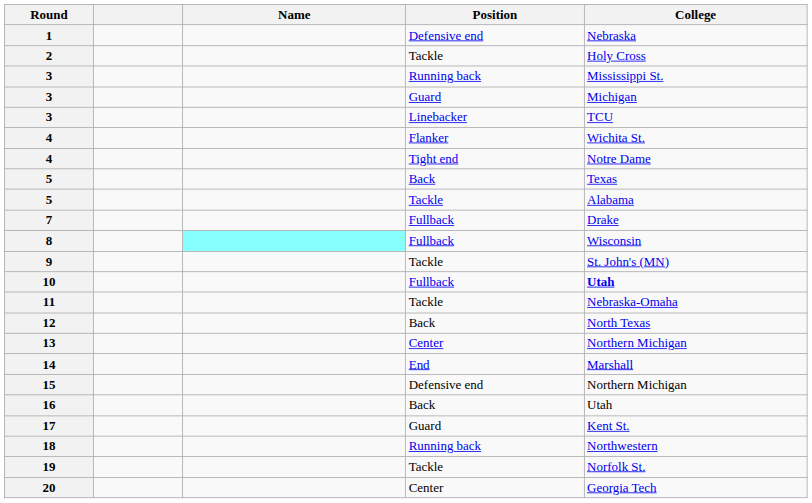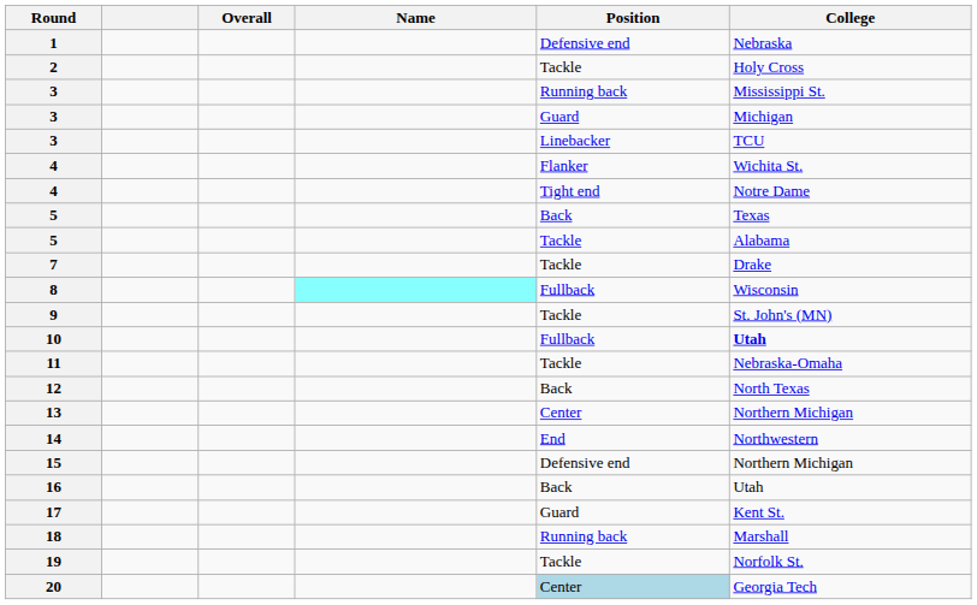 <table class="wikitable sortable" style="width: 50%;">
 <tr>
 <th scope="col" style="width: 10%;">Round</th>
 <th scope="col" style="width: 10%;"></th>
+<th scope="col" style="width: 10%;">Overall</th>
 <th scope="col" style="width: 25%;">Name</th>
 <th scope="col" style="width: 20%;">Position</th>
 <th scope="col" style="width: 25%;">College</th>
 </tr>
 <tr>
 <th scope="row">1</th>
+<td></td>
 <td></td>
 <td></td>
 <td><a href='#'>Defensive end</a></td>
 <td><a href='#'>Nebraska</a></td>
 </tr>
 <tr>
 <th scope="row">2</th>
 <td></td>
 <td></td>
+<td></td>
 <td>Tackle</td>
 <td><a href='#'>Holy Cross</a></td>
 </tr>
 <tr>
 <th scope="row">3</th>
+<td></td>
 <td></td>
 <td></td>
 <td><a href='#'>Running back</a></td>
 <td><a href='#'>Mississippi St.</a></td>
 </tr>
 <tr>
 <th scope="row">3</th>
 <td></td>
 <td></td>
+<td></td>
 <td><a href='#'>Guard</a></td>
 <td><a href='#'>Michigan</a></td>
 </tr>
 <tr>
 <th scope="row">3</th>
+<td></td>
 <td></td>
 <td></td>
 <td><a href='#'>Linebacker</a></td>
 <td><a href='#'>TCU</a></td>
 </tr>
 <tr>
 <th scope="row">4</th>
 <td></td>
 <td></td>
+<td></td>
 <td><a href='#'>Flanker</a></td>
 <td><a href='#'>Wichita St.</a></td>
 </tr>
 <tr>
 <th scope="row">4</th>
+<td></td>
 <td></td>
 <td></td>
 <td><a href='#'>Tight end</a></td>
 <td><a href='#'>Notre Dame</a></td>
 </tr>
 <tr>
 <th scope="row">5</th>
 <td></td>
 <td></td>
+<td></td>
 <td><a href='#'>Back</a></td>
 <td><a href='#'>Texas</a></td>
 </tr>
 <tr>
 <th scope="row">5</th>
+<td></td>
 <td></td>
 <td></td>
 <td><a href='#'>Tackle</a></td>
 <td><a href='#'>Alabama</a></td>
 </tr>
 <tr>
 <th scope="row">7</th>
 <td></td>
 <td></td>
-<td><a href='#'>Fullback</a></td>
+<td></td>
+<td>Tackle</td>
 <td><a href='#'>Drake</a></td>
 </tr>
 <tr>
 <th scope="row">8</th>
+<td></td>
 <td></td>
 <td style="background:#88FFFF;"> <sup></sup></td>
 <td><a href='#'>Fullback</a></td>
 <td><a href='#'>Wisconsin</a></td>
 </tr>
 <tr>
 <th scope="row">9</th>
 <td></td>
 <td></td>
+<td></td>
 <td>Tackle</td>
 <td><a href='#'>St. John's (MN)</a></td>
 </tr>
 <tr>
 <th scope="row">10</th>
+<td></td>
 <td></td>
 <td></td>
 <td><a href='#'>Fullback</a></td>
 <td><strong><a href='#'>Utah</a></strong></td>
 </tr>
 <tr>
 <th scope="row">11</th>
 <td></td>
 <td></td>
+<td></td>
 <td>Tackle</td>
 <td><a href='#'>Nebraska-Omaha</a></td>
 </tr>
 <tr>
 <th scope="row">12</th>
+<td></td>
 <td></td>
 <td></td>
 <td>Back</td>
 <td><a href='#'>North Texas</a></td>
 </tr>
 <tr>
 <th scope="row">13</th>
 <td></td>
 <td></td>
+<td></td>
 <td><a href='#'>Center</a></td>
 <td><a href='#'>Northern Michigan</a></td>
 </tr>
 <tr>
 <th scope="row">14</th>
 <td></td>
 <td></td>
+<td></td>
 <td><a href='#'>End</a></td>
-<td><a href='#'>Marshall</a></td>
+<td><a href='#'>Northwestern</a></td>
 </tr>
 <tr>
 <th scope="row">15</th>
+<td></td>
 <td></td>
 <td></td>
 <td>Defensive end</td>
 <td>Northern Michigan</td>
 </tr>
 <tr>
 <th scope="row">16</th>
 <td></td>
 <td></td>
+<td></td>
 <td>Back</td>
 <td>Utah</td>
 </tr>
 <tr>
 <th scope="row">17</th>
+<td></td>
 <td></td>
 <td></td>
 <td>Guard</td>
 <td><a href='#'>Kent St.</a></td>
 </tr>
 <tr>
 <th scope="row">18</th>
 <td></td>
 <td></td>
+<td></td>
 <td><a href='#'>Running back</a></td>
-<td><a href='#'>Northwestern</a></td>
+<td><a href='#'>Marshall</a></td>
 </tr>
 <tr>
 <th scope="row">19</th>
+<td></td>
 <td></td>
 <td></td>
 <td>Tackle</td>
 <td><a href='#'>Norfolk St.</a></td>
 </tr>
 <tr>
 <th scope="row">20</th>
 <td></td>
 <td></td>
-<td>Center</td>
+<td></td>
+<td style="background: lightblue;">Center</td>
 <td><a href='#'>Georgia Tech</a></td>
 </tr>
 </table>
